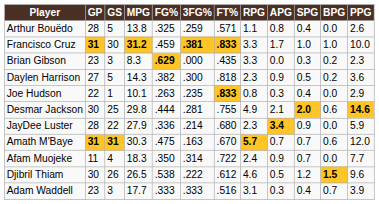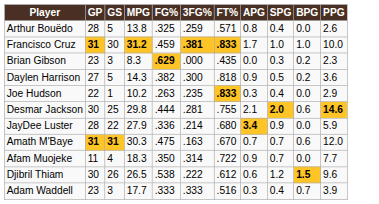 <table class="wikitable sortable">
 <tr>
 <th style="background:#492f24; color:white">Player</th>
 <th style="background:#492f24; color:white">GP</th>
 <th style="background:#492f24; color:white">GS</th>
 <th style="background:#492f24; color:white">MPG</th>
 <th style="background:#492f24; color:white">FG%</th>
 <th style="background:#492f24; color:white">3FG%</th>
 <th style="background:#492f24; color:white">FT%</th>
-<th style="background:#492f24; color:white;">RPG</th>
 <th style="background:#492f24; color:white;">APG</th>
 <th style="background:#492f24; color:white;">SPG</th>
 <th style="background:#492f24; color:white;">BPG</th>
 <th style="background:#492f24; color:white;">PPG</th>
 </tr>
 <tr>
 <td>Arthur Bouëdo</td>
 <td>28</td>
 <td>5</td>
 <td>13.8</td>
 <td>.325</td>
 <td>.259</td>
 <td>.571</td>
-<td>1.1</td>
 <td>0.8</td>
 <td>0.4</td>
 <td>0.0</td>
 <td>2.6</td>
 </tr>
 <tr>
 <td>Francisco Cruz</td>
 <td style="background:#ffc425;"><strong>31</strong></td>
 <td>30</td>
 <td style="background:#ffc425;"><strong>31.2</strong></td>
 <td>.459</td>
 <td style="background:#ffc425;"><strong>.381</strong></td>
 <td style="background:#ffc425;"><strong>.833</strong></td>
-<td>3.3</td>
 <td>1.7</td>
 <td>1.0</td>
 <td>1.0</td>
 <td>10.0</td>
 </tr>
 <tr>
 <td>Brian Gibson</td>
 <td>23</td>
 <td>3</td>
 <td>8.3</td>
 <td style="background:#ffc425;"><strong>.629</strong></td>
 <td>.000</td>
 <td>.435</td>
-<td>3.3</td>
 <td>0.0</td>
 <td>0.3</td>
 <td>0.2</td>
 <td>2.3</td>
 </tr>
 <tr>
 <td>Daylen Harrison</td>
 <td>27</td>
 <td>5</td>
 <td>14.3</td>
 <td>.382</td>
 <td>.300</td>
 <td>.818</td>
-<td>2.3</td>
 <td>0.9</td>
 <td>0.5</td>
 <td>0.2</td>
 <td>3.6</td>
 </tr>
 <tr>
 <td>Joe Hudson</td>
 <td>22</td>
 <td>1</td>
-<td>10.1</td>
+<td>10.2</td>
 <td>.263</td>
 <td>.235</td>
 <td style="background:#ffc425;"><strong>.833</strong></td>
-<td>0.8</td>
 <td>0.3</td>
 <td>0.4</td>
 <td>0.0</td>
 <td>2.9</td>
 </tr>
 <tr>
 <td>Desmar Jackson</td>
 <td>30</td>
 <td>25</td>
 <td>29.8</td>
 <td>.444</td>
 <td>.281</td>
 <td>.755</td>
-<td>4.9</td>
 <td>2.1</td>
 <td style="background:#ffc425;"><strong>2.0</strong></td>
 <td>0.6</td>
 <td style="background:#ffc425;"><strong>14.6</strong></td>
 </tr>
 <tr>
 <td>JayDee Luster</td>
 <td>28</td>
 <td>22</td>
 <td>27.9</td>
 <td>.336</td>
 <td>.214</td>
 <td>.680</td>
-<td>2.3</td>
 <td style="background:#ffc425;"><strong>3.4</strong></td>
 <td>0.9</td>
 <td>0.0</td>
 <td>5.9</td>
 </tr>
 <tr>
 <td>Amath M'Baye</td>
 <td style="background:#ffc425;"><strong>31</strong></td>
 <td style="background:#ffc425;"><strong>31</strong></td>
 <td>30.3</td>
 <td>.475</td>
 <td>.163</td>
 <td>.670</td>
-<td style="background:#ffc425;"><strong>5.7</strong></td>
 <td>0.7</td>
 <td>0.7</td>
 <td>0.6</td>
 <td>12.0</td>
 </tr>
 <tr>
 <td>Afam Muojeke</td>
 <td>11</td>
 <td>4</td>
 <td>18.3</td>
 <td>.350</td>
 <td>.314</td>
 <td>.722</td>
-<td>2.4</td>
 <td>0.9</td>
 <td>0.7</td>
 <td>0.0</td>
 <td>7.7</td>
 </tr>
 <tr>
 <td>Djibril Thiam</td>
 <td>30</td>
 <td>26</td>
 <td>26.5</td>
 <td>.538</td>
 <td>.222</td>
 <td>.612</td>
-<td>4.6</td>
-<td>0.5</td>
+<td>0.6</td>
 <td>1.2</td>
 <td style="background:#ffc425;"><strong>1.5</strong></td>
 <td>9.6</td>
 </tr>
 <tr>
 <td>Adam Waddell</td>
 <td>23</td>
 <td>3</td>
 <td>17.7</td>
 <td>.333</td>
 <td>.333</td>
 <td>.516</td>
-<td>3.1</td>
 <td>0.3</td>
 <td>0.4</td>
 <td>0.7</td>
 <td>3.9</td>
 </tr>
 </table>
